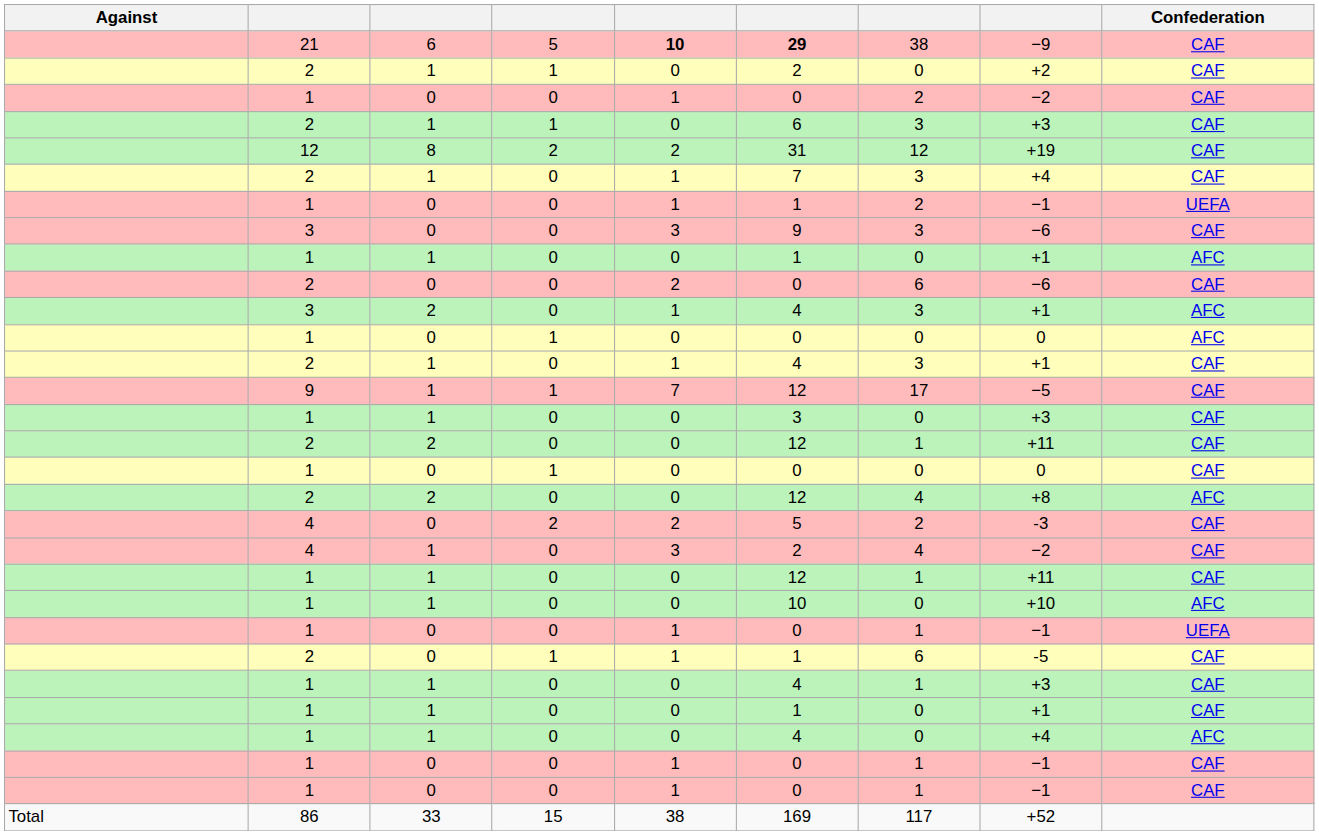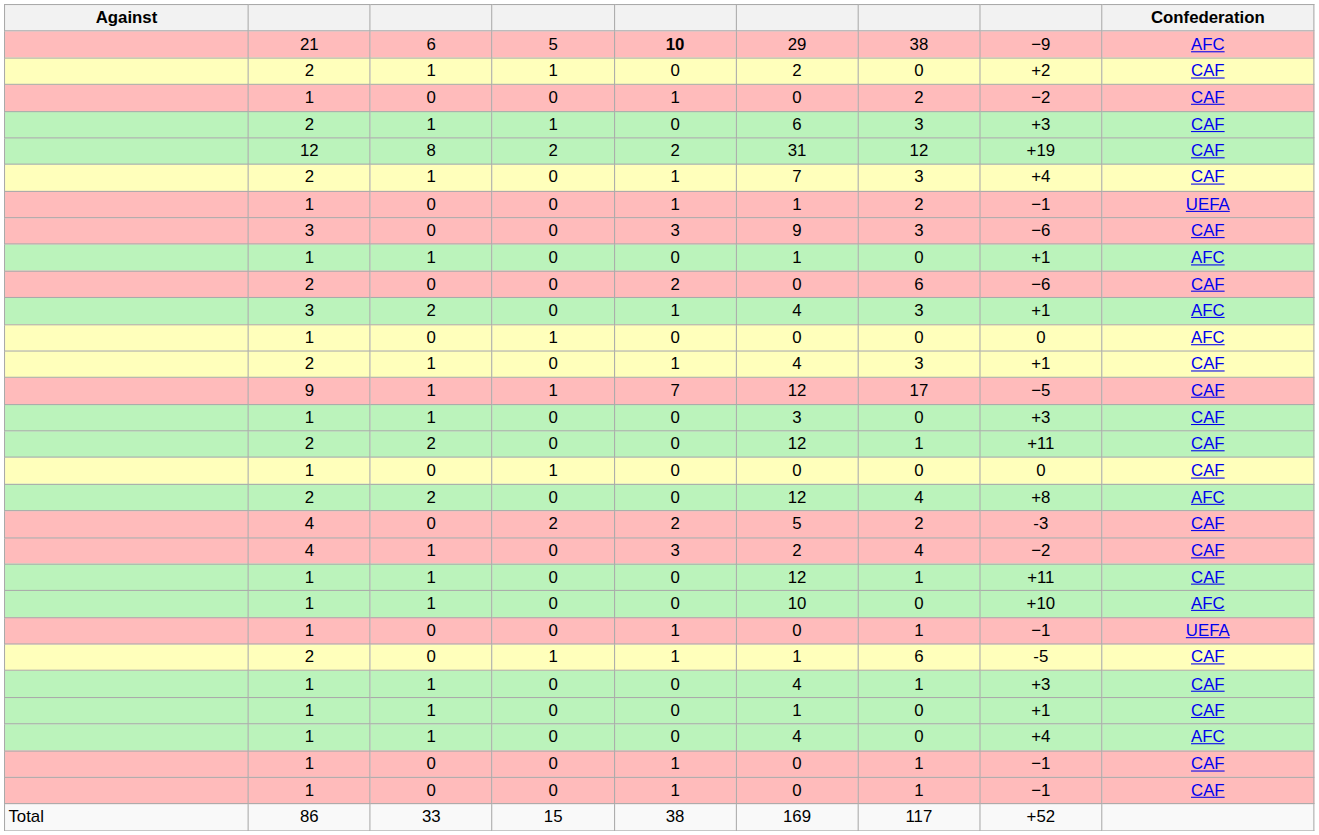 <table class="wikitable sortable" style="text-align: center; font-size: 100%;">
 <tr>
 <th width=10%>Against</th>
 <th width=5%></th>
 <th width=5%></th>
 <th width=5%></th>
 <th width=5%></th>
 <th width=5%></th>
 <th width=5%></th>
 <th width=5%></th>
 <th width=8%>Confederation</th>
 </tr>
 <tr bgcolor="#ffbbbb">
 <td align=left></td>
 <td>21</td>
 <td>6</td>
 <td>5</td>
 <td><strong>10</strong></td>
-<td><strong>29</strong></td>
+<td>29</td>
 <td>38</td>
 <td>−9</td>
-<td><a href='#'>CAF</a></td>
+<td><a href='#'>AFC</a></td>
 </tr>
 <tr bgcolor="#ffffbb">
 <td align=left></td>
 <td>2</td>
 <td>1</td>
 <td>1</td>
 <td>0</td>
 <td>2</td>
 <td>0</td>
 <td>+2</td>
 <td><a href='#'>CAF</a></td>
 </tr>
 <tr bgcolor="#ffbbbb">
 <td align=left></td>
 <td>1</td>
 <td>0</td>
 <td>0</td>
 <td>1</td>
 <td>0</td>
 <td>2</td>
 <td>−2</td>
 <td><a href='#'>CAF</a></td>
 </tr>
 <tr bgcolor="#bbf3bb">
 <td align=left></td>
 <td>2</td>
 <td>1</td>
 <td>1</td>
 <td>0</td>
 <td>6</td>
 <td>3</td>
 <td>+3</td>
 <td><a href='#'>CAF</a></td>
 </tr>
 <tr bgcolor="#bbf3bb">
 <td align=left></td>
 <td>12</td>
 <td>8</td>
 <td>2</td>
 <td>2</td>
 <td>31</td>
 <td>12</td>
 <td>+19</td>
 <td><a href='#'>CAF</a></td>
 </tr>
 <tr bgcolor="#ffffbb">
 <td align=left></td>
 <td>2</td>
 <td>1</td>
 <td>0</td>
 <td>1</td>
 <td>7</td>
 <td>3</td>
 <td>+4</td>
 <td><a href='#'>CAF</a></td>
 </tr>
 <tr bgcolor="#ffbbbb">
 <td align=left></td>
 <td>1</td>
 <td>0</td>
 <td>0</td>
 <td>1</td>
 <td>1</td>
 <td>2</td>
 <td>−1</td>
 <td><a href='#'>UEFA</a></td>
 </tr>
 <tr bgcolor="#ffbbbb">
 <td align=left></td>
 <td>3</td>
 <td>0</td>
 <td>0</td>
 <td>3</td>
 <td>9</td>
 <td>3</td>
 <td>−6</td>
 <td><a href='#'>CAF</a></td>
 </tr>
 <tr bgcolor="#bbf3bb">
 <td align=left></td>
 <td>1</td>
 <td>1</td>
 <td>0</td>
 <td>0</td>
 <td>1</td>
 <td>0</td>
 <td>+1</td>
 <td><a href='#'>AFC</a></td>
 </tr>
 <tr bgcolor="#ffbbbb">
 <td align=left></td>
 <td>2</td>
 <td>0</td>
 <td>0</td>
 <td>2</td>
 <td>0</td>
 <td>6</td>
 <td>−6</td>
 <td><a href='#'>CAF</a></td>
 </tr>
 <tr bgcolor="#bbf3bb">
 <td align=left></td>
 <td>3</td>
 <td>2</td>
 <td>0</td>
 <td>1</td>
 <td>4</td>
 <td>3</td>
 <td>+1</td>
 <td><a href='#'>AFC</a></td>
 </tr>
 <tr bgcolor="#ffffbb">
 <td align=left></td>
 <td>1</td>
 <td>0</td>
 <td>1</td>
 <td>0</td>
 <td>0</td>
 <td>0</td>
 <td>0</td>
 <td><a href='#'>AFC</a></td>
 </tr>
 <tr bgcolor="#ffffbb">
 <td align=left></td>
 <td>2</td>
 <td>1</td>
 <td>0</td>
 <td>1</td>
 <td>4</td>
 <td>3</td>
 <td>+1</td>
 <td><a href='#'>CAF</a></td>
 </tr>
 <tr bgcolor="#ffbbbb">
 <td align=left></td>
 <td>9</td>
 <td>1</td>
 <td>1</td>
 <td>7</td>
 <td>12</td>
 <td>17</td>
 <td>−5</td>
 <td><a href='#'>CAF</a></td>
 </tr>
 <tr bgcolor="#bbf3bb">
 <td align=left></td>
 <td>1</td>
 <td>1</td>
 <td>0</td>
 <td>0</td>
 <td>3</td>
 <td>0</td>
 <td>+3</td>
 <td><a href='#'>CAF</a></td>
 </tr>
 <tr bgcolor="#bbf3bb">
 <td align=left></td>
 <td>2</td>
 <td>2</td>
 <td>0</td>
 <td>0</td>
 <td>12</td>
 <td>1</td>
 <td>+11</td>
 <td><a href='#'>CAF</a></td>
 </tr>
 <tr bgcolor="#ffffbb">
 <td align=left></td>
 <td>1</td>
 <td>0</td>
 <td>1</td>
 <td>0</td>
 <td>0</td>
 <td>0</td>
 <td>0</td>
 <td><a href='#'>CAF</a></td>
 </tr>
 <tr bgcolor="#bbf3bb">
 <td align=left></td>
 <td>2</td>
 <td>2</td>
 <td>0</td>
 <td>0</td>
 <td>12</td>
 <td>4</td>
 <td>+8</td>
 <td><a href='#'>AFC</a></td>
 </tr>
 <tr bgcolor="#ffbbbb">
 <td align=left></td>
 <td>4</td>
 <td>0</td>
 <td>2</td>
 <td>2</td>
 <td>5</td>
 <td>2</td>
 <td>-3</td>
 <td><a href='#'>CAF</a></td>
 </tr>
 <tr bgcolor="#ffbbbb">
 <td align=left></td>
 <td>4</td>
 <td>1</td>
 <td>0</td>
 <td>3</td>
 <td>2</td>
 <td>4</td>
 <td>−2</td>
 <td><a href='#'>CAF</a></td>
 </tr>
 <tr bgcolor="#bbf3bb">
 <td align=left></td>
 <td>1</td>
 <td>1</td>
 <td>0</td>
 <td>0</td>
 <td>12</td>
 <td>1</td>
 <td>+11</td>
 <td><a href='#'>CAF</a></td>
 </tr>
 <tr bgcolor="#bbf3bb">
 <td align=left></td>
 <td>1</td>
 <td>1</td>
 <td>0</td>
 <td>0</td>
 <td>10</td>
 <td>0</td>
 <td>+10</td>
 <td><a href='#'>AFC</a></td>
 </tr>
 <tr bgcolor="#ffbbbb">
 <td align=left></td>
 <td>1</td>
 <td>0</td>
 <td>0</td>
 <td>1</td>
 <td>0</td>
 <td>1</td>
 <td>−1</td>
 <td><a href='#'>UEFA</a></td>
 </tr>
 <tr bgcolor="#ffffbb">
 <td align=left></td>
 <td>2</td>
 <td>0</td>
 <td>1</td>
 <td>1</td>
 <td>1</td>
 <td>6</td>
 <td>-5</td>
 <td><a href='#'>CAF</a></td>
 </tr>
 <tr bgcolor="#bbf3bb">
 <td align=left></td>
 <td>1</td>
 <td>1</td>
 <td>0</td>
 <td>0</td>
 <td>4</td>
 <td>1</td>
 <td>+3</td>
 <td><a href='#'>CAF</a></td>
 </tr>
 <tr bgcolor="#bbf3bb">
 <td align=left></td>
 <td>1</td>
 <td>1</td>
 <td>0</td>
 <td>0</td>
 <td>1</td>
 <td>0</td>
 <td>+1</td>
 <td><a href='#'>CAF</a></td>
 </tr>
 <tr bgcolor="#bbf3bb">
 <td align=left></td>
 <td>1</td>
 <td>1</td>
 <td>0</td>
 <td>0</td>
 <td>4</td>
 <td>0</td>
 <td>+4</td>
 <td><a href='#'>AFC</a></td>
 </tr>
 <tr bgcolor="#ffbbbb">
 <td align=left></td>
 <td>1</td>
 <td>0</td>
 <td>0</td>
 <td>1</td>
 <td>0</td>
 <td>1</td>
 <td>−1</td>
 <td><a href='#'>CAF</a></td>
 </tr>
 <tr bgcolor="#ffbbbb">
 <td align=left></td>
 <td>1</td>
 <td>0</td>
 <td>0</td>
 <td>1</td>
 <td>0</td>
 <td>1</td>
 <td>−1</td>
 <td><a href='#'>CAF</a></td>
 </tr>
 <tr>
 <td align=left>Total</td>
 <td>86</td>
 <td>33</td>
 <td>15</td>
 <td>38</td>
 <td>169</td>
 <td>117</td>
 <td>+52</td>
 <td></td>
 </tr>
 </table>
